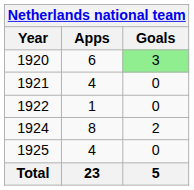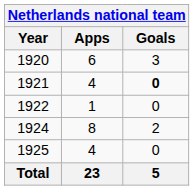 <table class="wikitable" style="text-align:center">
 <tr>
 <th colspan=3><a href='#'>Netherlands national team</a></th>
 </tr>
 <tr>
 <th>Year</th>
 <th>Apps</th>
 <th>Goals</th>
 </tr>
 <tr>
 <td>1920</td>
 <td>6</td>
-<td style="background: lightgreen;">3</td>
+<td>3</td>
 </tr>
 <tr>
 <td>1921</td>
 <td>4</td>
-<td>0</td>
+<td><strong>0</strong></td>
 </tr>
 <tr>
 <td>1922</td>
 <td>1</td>
 <td>0</td>
 </tr>
 <tr>
 <td>1924</td>
 <td>8</td>
 <td>2</td>
 </tr>
 <tr>
 <td>1925</td>
 <td>4</td>
 <td>0</td>
 </tr>
 <tr>
 <th>Total</th>
 <th>23</th>
 <th>5</th>
 </tr>
 </table>
